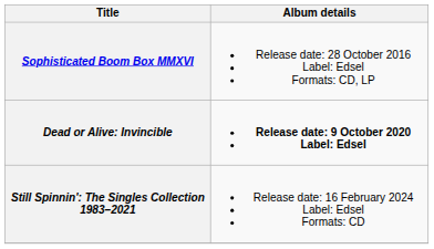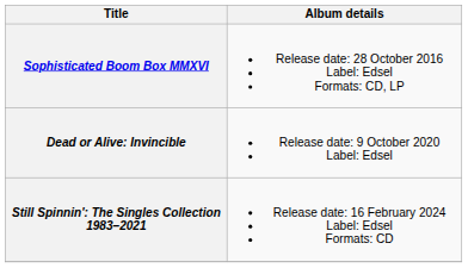 <table class="wikitable plainrowheaders" style="text-align:center;">
 <tr>
 <th scope="col" style="width:18em;">Title</th>
 <th scope="col" style="width:19em;">Album details</th>
 </tr>
 <tr>
 <th scope="row"><em><a href='#'>Sophisticated Boom Box MMXVI</a></em></th>
 <td><br><ul><li>Release date: 28 October 2016</li><li>Label: Edsel</li><li>Formats: CD, LP</li></ul></td>
 </tr>
 <tr>
 <th scope="row"><em>Dead or Alive: Invincible</em></th>
-<td><strong><br><ul><li>Release date: 9 October 2020</li><li>Label: Edsel</li></ul></strong></td>
+<td><br><ul><li>Release date: 9 October 2020</li><li>Label: Edsel</li></ul></td>
 </tr>
 <tr>
 <th scope="row"><em>Still Spinnin': The Singles Collection 1983–2021</em></th>
 <td><br><ul><li>Release date: 16 February 2024</li><li>Label: Edsel</li><li>Formats: CD</li></ul></td>
 </tr>
 <tr>
 </tr>
 </table>
